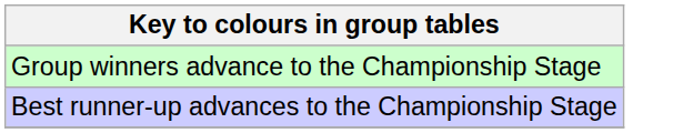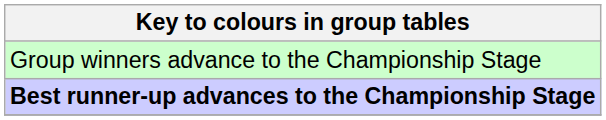 <table class="wikitable">
 <tr>
 <th>Key to colours in group tables</th>
 </tr>
 <tr bgcolor="#ccffcc">
 <td>Group winners advance to the Championship Stage</td>
 </tr>
 <tr bgcolor="#ccccff">
-<td>Best runner-up advances to the Championship Stage</td>
+<td><strong>Best runner-up advances to the Championship Stage</strong></td>
 </tr>
 <tr>
 </tr>
 </table>
